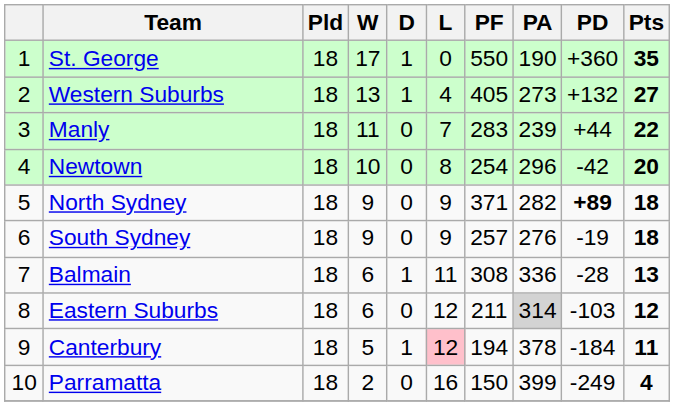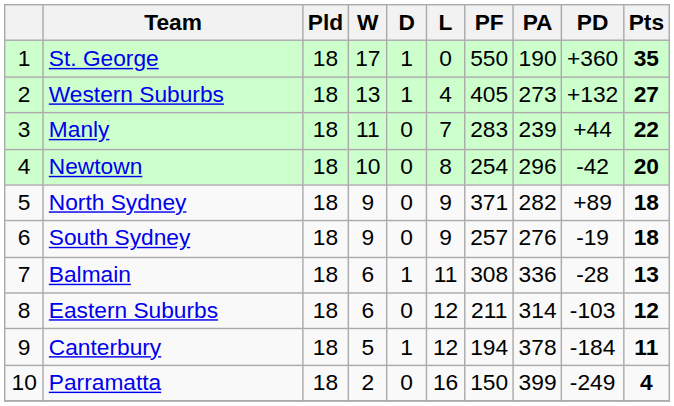 <table class="wikitable" style="text-align:center;">
 <tr>
 <th width=20 abbr="Position×"></th>
 <th width=175>Team</th>
 <th width=20 abbr="Played">Pld</th>
 <th width=20 abbr="Won">W</th>
 <th width=20 abbr="Drawn">D</th>
 <th width=20 abbr="Lost">L</th>
 <th width=20 abbr="Points for">PF</th>
 <th width=20 abbr="Points against">PA</th>
 <th width=20 abbr="Points difference">PD</th>
 <th width=20 abbr="Points">Pts</th>
 </tr>
 <tr style="background: #ccffcc;">
 <td>1</td>
 <td style="text-align:left;"> <a href='#'>St. George</a></td>
 <td>18</td>
 <td>17</td>
 <td>1</td>
 <td>0</td>
 <td>550</td>
 <td>190</td>
 <td>+360</td>
 <td><strong>35</strong></td>
 </tr>
 <tr style="background: #ccffcc;">
 <td>2</td>
 <td style="text-align:left;"> <a href='#'>Western Suburbs</a></td>
 <td>18</td>
 <td>13</td>
 <td>1</td>
 <td>4</td>
 <td>405</td>
 <td>273</td>
 <td>+132</td>
 <td><strong>27</strong></td>
 </tr>
 <tr style="background: #ccffcc;">
 <td>3</td>
 <td style="text-align:left;"> <a href='#'>Manly</a></td>
 <td>18</td>
 <td>11</td>
 <td>0</td>
 <td>7</td>
 <td>283</td>
 <td>239</td>
 <td>+44</td>
 <td><strong>22</strong></td>
 </tr>
 <tr style="background: #ccffcc;">
 <td>4</td>
 <td style="text-align:left;"> <a href='#'>Newtown</a></td>
 <td>18</td>
 <td>10</td>
 <td>0</td>
 <td>8</td>
 <td>254</td>
 <td>296</td>
 <td>-42</td>
 <td><strong>20</strong></td>
 </tr>
 <tr>
 <td>5</td>
 <td style="text-align:left;"> <a href='#'>North Sydney</a></td>
 <td>18</td>
 <td>9</td>
 <td>0</td>
 <td>9</td>
 <td>371</td>
 <td>282</td>
-<td><strong>+89</strong></td>
+<td>+89</td>
 <td><strong>18</strong></td>
 </tr>
 <tr>
 <td>6</td>
 <td style="text-align:left;"> <a href='#'>South Sydney</a></td>
 <td>18</td>
 <td>9</td>
 <td>0</td>
 <td>9</td>
 <td>257</td>
 <td>276</td>
 <td>-19</td>
 <td><strong>18</strong></td>
 </tr>
 <tr>
 <td>7</td>
 <td style="text-align:left;"> <a href='#'>Balmain</a></td>
 <td>18</td>
 <td>6</td>
 <td>1</td>
 <td>11</td>
 <td>308</td>
 <td>336</td>
 <td>-28</td>
 <td><strong>13</strong></td>
 </tr>
 <tr>
 <td>8</td>
 <td style="text-align:left;"> <a href='#'>Eastern Suburbs</a></td>
 <td>18</td>
 <td>6</td>
 <td>0</td>
 <td>12</td>
 <td>211</td>
-<td style="background: lightgrey;">314</td>
+<td>314</td>
 <td>-103</td>
 <td><strong>12</strong></td>
 </tr>
 <tr>
 <td>9</td>
 <td style="text-align:left;"> <a href='#'>Canterbury</a></td>
 <td>18</td>
 <td>5</td>
 <td>1</td>
-<td style="background: pink;">12</td>
+<td>12</td>
 <td>194</td>
 <td>378</td>
 <td>-184</td>
 <td><strong>11</strong></td>
 </tr>
 <tr>
 <td>10</td>
 <td style="text-align:left;"> <a href='#'>Parramatta</a></td>
 <td>18</td>
 <td>2</td>
 <td>0</td>
 <td>16</td>
 <td>150</td>
 <td>399</td>
 <td>-249</td>
 <td><strong>4</strong></td>
 </tr>
 <tr>
 </tr>
 </table>
